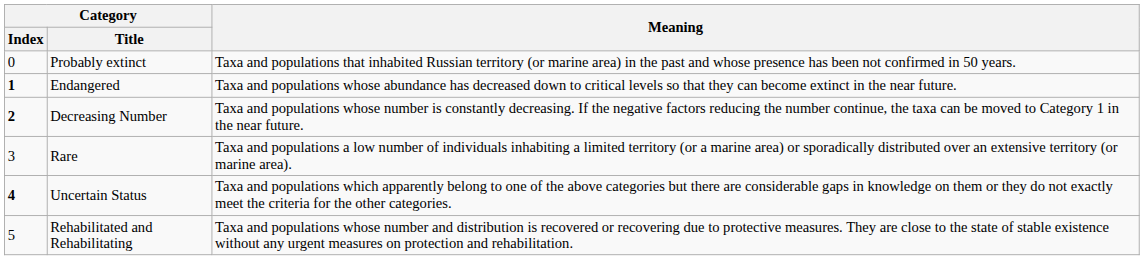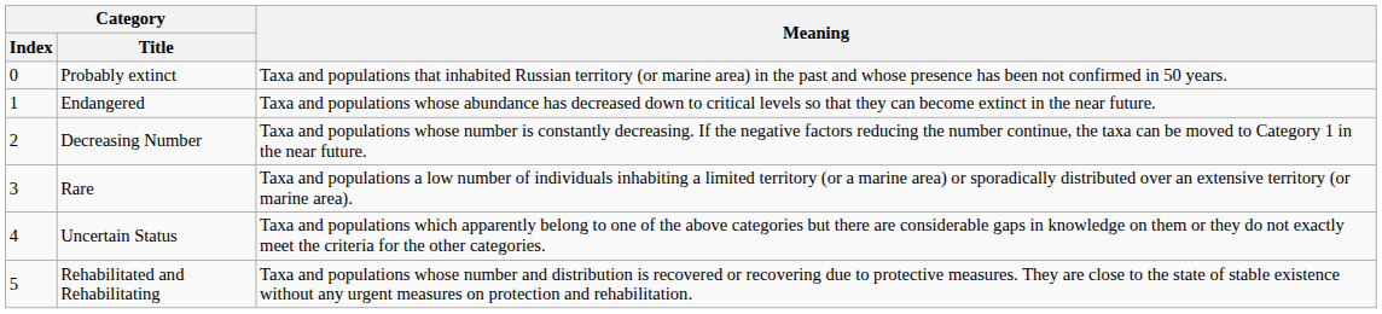 <table class="wikitable">
 <tr>
 <th colspan=2>Category</th>
 <th rowspan=2>Meaning</th>
 </tr>
 <tr>
 <th>Index</th>
 <th>Title</th>
 </tr>
 <tr>
 <td>0</td>
 <td>Probably extinct</td>
 <td>Taxa and populations that inhabited Russian territory (or marine area) in the past and whose presence has been not confirmed in 50 years.</td>
 </tr>
 <tr>
-<td><strong>1</strong></td>
+<td>1</td>
 <td>Endangered</td>
 <td>Taxa and populations whose abundance has decreased down to critical levels so that they can become extinct in the near future.</td>
 </tr>
 <tr>
-<td><strong>2</strong></td>
+<td>2</td>
 <td>Decreasing Number</td>
 <td>Taxa and populations whose number is constantly decreasing. If the negative factors reducing the number continue, the taxa can be moved to Category 1 in the near future.</td>
 </tr>
 <tr>
 <td>3</td>
 <td>Rare</td>
 <td>Taxa and populations a low number of individuals inhabiting a limited territory (or a marine  area)  or  sporadically  distributed  over  an  extensive  territory  (or  marine  area).</td>
 </tr>
 <tr>
-<td><strong>4</strong></td>
+<td>4</td>
 <td>Uncertain  Status</td>
 <td>Taxa and populations which apparently belong to one of the above categories but there are considerable gaps in knowledge on them or they do not exactly meet the criteria for the other categories.</td>
 </tr>
 <tr>
 <td>5</td>
 <td>Rehabilitated and Rehabilitating</td>
 <td>Taxa and populations whose number and distribution is recovered or recovering due to protective measures. They are close to the state of stable existence without any urgent measures on protection and rehabilitation.</td>
 </tr>
 </table>
